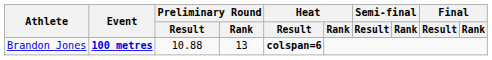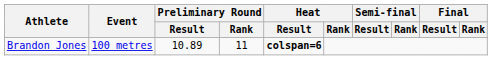 <table class="wikitable" style="font-size:90%">
 <tr>
 <th rowspan="2">Athlete</th>
 <th rowspan="2">Event</th>
 <th colspan="2">Preliminary Round</th>
 <th colspan="2">Heat</th>
 <th colspan="2">Semi-final</th>
 <th colspan="2">Final</th>
 </tr>
 <tr style="font-size:95%">
 <th>Result</th>
 <th>Rank</th>
 <th>Result</th>
 <th>Rank</th>
 <th>Result</th>
 <th>Rank</th>
 <th>Result</th>
 <th>Rank</th>
 </tr>
 <tr style=text-align:center>
 <td style=text-align:left><a href='#'>Brandon Jones</a></td>
-<td style=text-align:left><strong><a href='#'>100 metres</a></strong></td>
-<td>10.88</td>
-<td>13</td>
+<td style=text-align:left><a href='#'>100 metres</a></td>
+<td>10.89</td>
+<td>11</td>
 <td><strong>colspan=6 </strong></td>
 </tr>
 </table>
